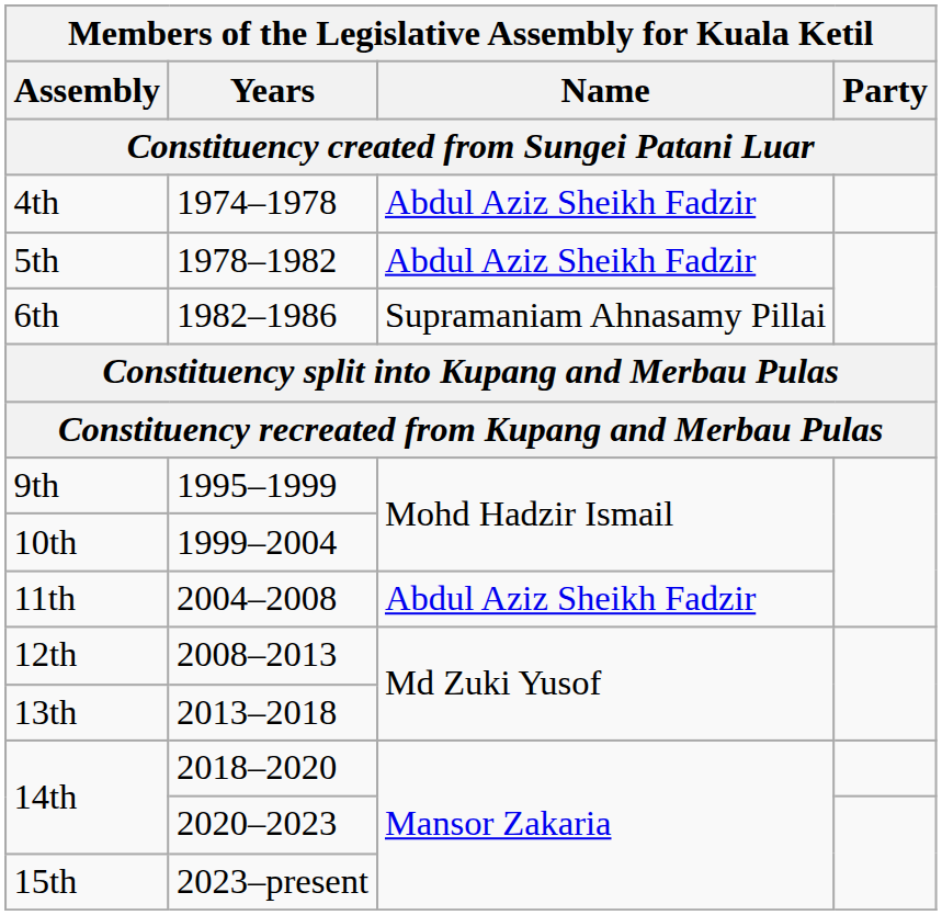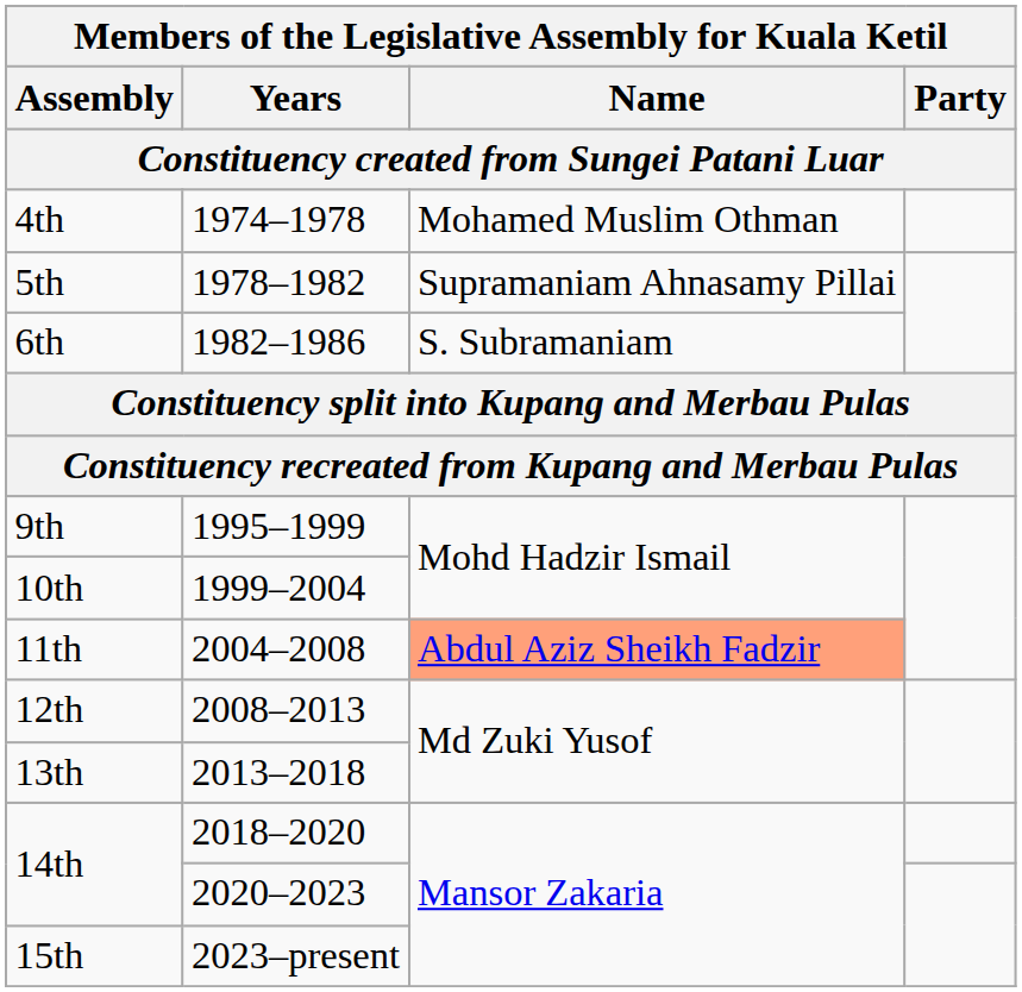 <table class="wikitable">
 <tr>
 <th colspan="4">Members of the Legislative Assembly for Kuala Ketil</th>
 </tr>
 <tr>
 <th>Assembly</th>
 <th>Years</th>
 <th>Name</th>
 <th>Party</th>
 </tr>
 <tr>
 <th colspan="4"><em>Constituency created from Sungei Patani Luar</em></th>
 </tr>
 <tr>
 <td>4th</td>
 <td>1974–1978</td>
-<td><a href='#'>Abdul Aziz Sheikh Fadzir</a></td>
+<td>Mohamed Muslim Othman</td>
 <td></td>
 </tr>
 <tr>
 <td>5th</td>
 <td>1978–1982</td>
-<td><a href='#'>Abdul Aziz Sheikh Fadzir</a></td>
+<td>Supramaniam Ahnasamy Pillai</td>
 <td rowspan=2></td>
 </tr>
 <tr>
 <td>6th</td>
 <td>1982–1986</td>
-<td>Supramaniam Ahnasamy Pillai</td>
+<td>S. Subramaniam</td>
 </tr>
 <tr>
 <th colspan="4"><em>Constituency split into Kupang and Merbau Pulas</em></th>
 </tr>
 <tr>
 <th colspan="4"><em>Constituency recreated from Kupang and Merbau Pulas</em></th>
 </tr>
 <tr>
 <td>9th</td>
 <td>1995–1999</td>
 <td rowspan="2">Mohd Hadzir Ismail</td>
 <td rowspan=3></td>
 </tr>
 <tr>
 <td>10th</td>
 <td>1999–2004</td>
 </tr>
 <tr>
 <td>11th</td>
 <td>2004–2008</td>
-<td><a href='#'>Abdul Aziz Sheikh Fadzir</a></td>
+<td style="background: lightsalmon;"><a href='#'>Abdul Aziz Sheikh Fadzir</a></td>
 </tr>
 <tr>
 <td>12th</td>
 <td>2008–2013</td>
 <td rowspan="2">Md Zuki Yusof</td>
 <td rowspan=2></td>
 </tr>
 <tr>
 <td>13th</td>
 <td>2013–2018</td>
 </tr>
 <tr>
 <td rowspan="2">14th</td>
 <td>2018–2020</td>
 <td rowspan="3"><a href='#'>Mansor Zakaria</a></td>
 <td></td>
 </tr>
 <tr>
 <td>2020–2023</td>
 <td rowspan="2"></td>
 </tr>
 <tr>
 <td>15th</td>
 <td>2023–present</td>
 </tr>
 </table>
